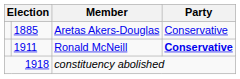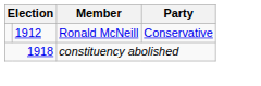 <table class="wikitable">
 <tr>
 <th colspan="2">Election</th>
 <th>Member</th>
 <th>Party</th>
 </tr>
 <tr>
 <td style="color:inherit;background-color: "></td>
-<td><a href='#'>1885</a></td>
-<td><a href='#'>Aretas Akers-Douglas</a></td>
+<td><a href='#'>1912</a></td>
+<td><a href='#'>Ronald McNeill</a></td>
 <td><a href='#'>Conservative</a></td>
-</tr>
-<tr>
-<td style="color:inherit;background-color: "></td>
-<td><a href='#'>1911</a></td>
-<td><a href='#'>Ronald McNeill</a></td>
-<td><strong><a href='#'>Conservative</a></strong></td>
 </tr>
 <tr>
 <td colspan="2" align="right"><a href='#'>1918</a></td>
 <td colspan="2"><em>constituency abolished</em></td>
 </tr>
 </table>
